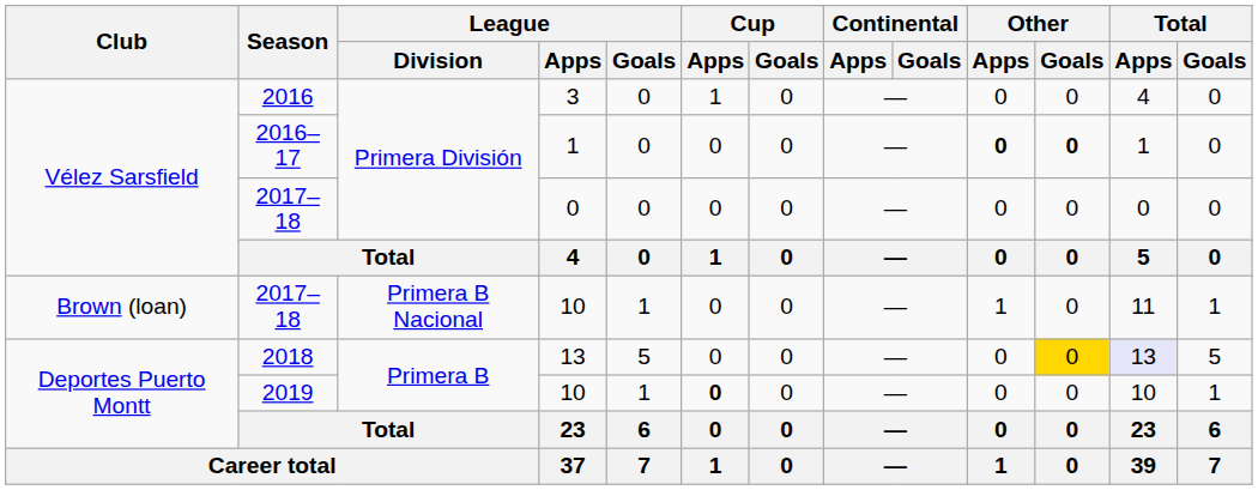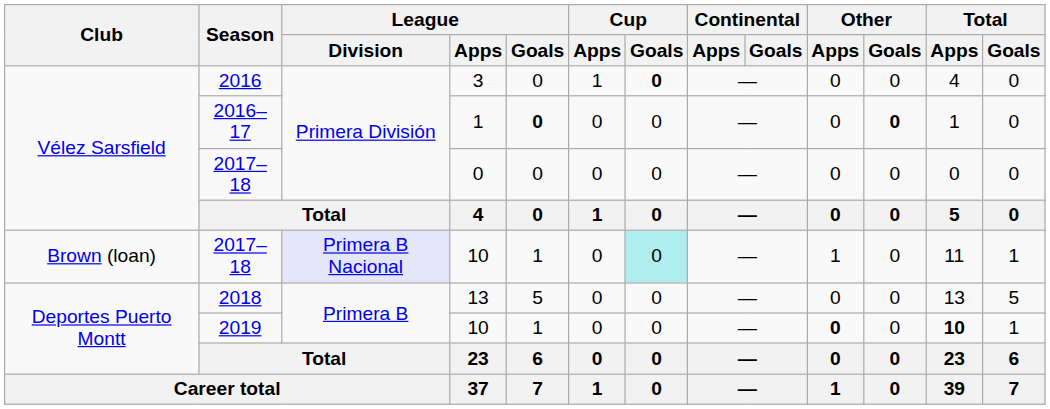 <table class="wikitable" style="text-align:center">
 <tr>
 <th rowspan="2">Club</th>
 <th rowspan="2">Season</th>
 <th colspan="3">League</th>
 <th colspan="2">Cup</th>
 <th colspan="2">Continental</th>
 <th colspan="2">Other</th>
 <th colspan="2">Total</th>
 </tr>
 <tr>
 <th>Division</th>
 <th>Apps</th>
 <th>Goals</th>
 <th>Apps</th>
 <th>Goals</th>
 <th>Apps</th>
 <th>Goals</th>
 <th>Apps</th>
 <th>Goals</th>
 <th>Apps</th>
 <th>Goals</th>
 </tr>
 <tr>
 <td rowspan="4"><a href='#'>Vélez Sarsfield</a></td>
 <td><a href='#'>2016</a></td>
 <td rowspan="3"><a href='#'>Primera División</a></td>
 <td>3</td>
 <td>0</td>
 <td>1</td>
-<td>0</td>
+<td><strong>0</strong></td>
 <td colspan="2">—</td>
 <td>0</td>
 <td>0</td>
 <td>4</td>
 <td>0</td>
 </tr>
 <tr>
 <td><a href='#'>2016–17</a></td>
 <td>1</td>
-<td>0</td>
+<td><strong>0</strong></td>
 <td>0</td>
 <td>0</td>
 <td colspan="2">—</td>
-<td><strong>0</strong></td>
+<td>0</td>
 <td><strong>0</strong></td>
 <td>1</td>
 <td>0</td>
 </tr>
 <tr>
 <td><a href='#'>2017–18</a></td>
 <td>0</td>
 <td>0</td>
 <td>0</td>
 <td>0</td>
 <td colspan="2">—</td>
 <td>0</td>
 <td>0</td>
 <td>0</td>
 <td>0</td>
 </tr>
 <tr>
 <th colspan="2">Total</th>
 <th>4</th>
 <th>0</th>
 <th>1</th>
 <th>0</th>
 <th colspan="2">—</th>
 <th>0</th>
 <th>0</th>
 <th>5</th>
 <th>0</th>
 </tr>
 <tr>
 <td rowspan="1"><a href='#'>Brown</a> (loan)</td>
 <td><a href='#'>2017–18</a></td>
-<td rowspan="1"><a href='#'>Primera B Nacional</a></td>
+<td rowspan="1" style="background: lavender;"><a href='#'>Primera B Nacional</a></td>
 <td>10</td>
 <td>1</td>
 <td>0</td>
-<td>0</td>
+<td style="background: paleturquoise;">0</td>
 <td colspan="2">—</td>
 <td>1</td>
 <td>0</td>
 <td>11</td>
 <td>1</td>
 </tr>
 <tr>
 <td rowspan="3"><a href='#'>Deportes Puerto Montt</a></td>
 <td><a href='#'>2018</a></td>
 <td rowspan="2"><a href='#'>Primera B</a></td>
 <td>13</td>
 <td>5</td>
 <td>0</td>
 <td>0</td>
 <td colspan="2">—</td>
 <td>0</td>
-<td style="background: gold;">0</td>
-<td style="background: lavender;">13</td>
+<td>0</td>
+<td>13</td>
 <td>5</td>
 </tr>
 <tr>
 <td><a href='#'>2019</a></td>
 <td>10</td>
 <td>1</td>
+<td>0</td>
+<td>0</td>
+<td colspan="2">—</td>
 <td><strong>0</strong></td>
 <td>0</td>
-<td colspan="2">—</td>
-<td>0</td>
-<td>0</td>
-<td>10</td>
+<td><strong>10</strong></td>
 <td>1</td>
 </tr>
 <tr>
 <th colspan="2">Total</th>
 <th>23</th>
 <th>6</th>
 <th>0</th>
 <th>0</th>
 <th colspan="2">—</th>
 <th>0</th>
 <th>0</th>
 <th>23</th>
 <th>6</th>
 </tr>
 <tr>
 <th colspan="3">Career total</th>
 <th>37</th>
 <th>7</th>
 <th>1</th>
 <th>0</th>
 <th colspan="2">—</th>
 <th>1</th>
 <th>0</th>
 <th>39</th>
 <th>7</th>
 </tr>
 </table>
